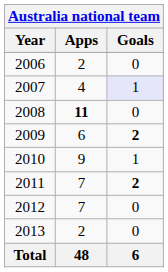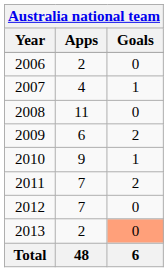 <table class="wikitable" style="text-align:center">
 <tr>
 <th colspan=3><a href='#'>Australia national team</a></th>
 </tr>
 <tr>
 <th>Year</th>
 <th>Apps</th>
 <th>Goals</th>
 </tr>
 <tr>
 </tr>
 <tr>
 <td>2006</td>
 <td>2</td>
 <td>0</td>
 </tr>
 <tr>
 <td>2007</td>
 <td>4</td>
-<td style="background: lavender;">1</td>
+<td>1</td>
 </tr>
 <tr>
 <td>2008</td>
-<td><strong>11</strong></td>
+<td>11</td>
 <td>0</td>
 </tr>
 <tr>
 <td>2009</td>
 <td>6</td>
-<td><strong>2</strong></td>
+<td>2</td>
 </tr>
 <tr>
 <td>2010</td>
 <td>9</td>
 <td>1</td>
 </tr>
 <tr>
 <td>2011</td>
 <td>7</td>
-<td><strong>2</strong></td>
+<td>2</td>
 </tr>
 <tr>
 <td>2012</td>
 <td>7</td>
 <td>0</td>
 </tr>
 <tr>
 <td>2013</td>
 <td>2</td>
-<td>0</td>
+<td style="background: lightsalmon;">0</td>
 </tr>
 <tr>
 <th>Total</th>
 <th>48</th>
 <th>6</th>
 </tr>
 </table>
